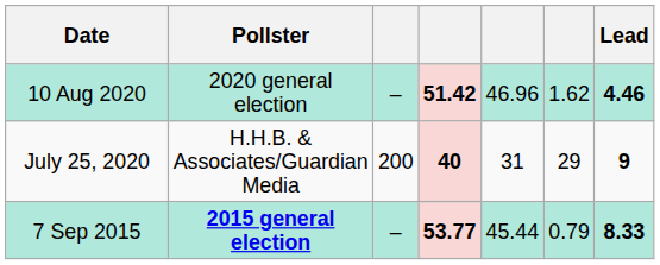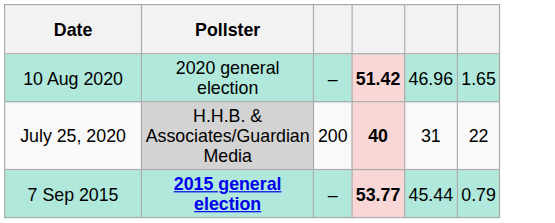 <table class="wikitable sortable collapsible" style="text-align:center;font-size:95%;">
 <tr style="height:42px;">
 <th style="width:110px;">Date</th>
 <th style="width:110px;">Pollster</th>
 <th data-sort-type="number"></th>
 <th class="unsortable" style="background:"><a href='#'></a></th>
 <th class="unsortable" style="background:"><a href='#'></a></th>
 <th class="unsortable" style="background:"></th>
-<th>Lead</th>
 </tr>
 <tr style="background:#b0e9db;">
 <td>10 Aug 2020</td>
 <td>2020 general election</td>
 <td>–</td>
 <td style="background:#F8D7D6;"><strong>51.42</strong></td>
 <td>46.96</td>
-<td>1.62</td>
-<td style="background:"><strong>4.46</strong></td>
+<td>1.65</td>
 </tr>
 <tr>
 <td>July 25, 2020</td>
-<td>H.H.B. & Associates/Guardian Media</td>
+<td style="background: lightgrey;">H.H.B. & Associates/Guardian Media</td>
 <td>200</td>
 <td style="background:#F8D7D6;"><strong>40</strong></td>
 <td>31</td>
-<td>29</td>
-<td style="background:"><strong>9</strong></td>
+<td>22</td>
 </tr>
 <tr style="background:#b0e9db;">
 <td data-sort-value="2015-09-07">7 Sep 2015</td>
 <td><strong><a href='#'>2015 general election</a></strong></td>
 <td>–</td>
 <td style="background:#F8D7D6;"><strong>53.77</strong></td>
 <td>45.44</td>
 <td>0.79</td>
-<td style="background:"><strong>8.33</strong></td>
 </tr>
 </table>
